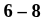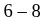 <table style="text-align:center">
 <tr>
 <th width=200></th>
 <th width=100></th>
 <th width=200></th>
 </tr>
 <tr>
 <td align=right></td>
-<td><strong>6 – 8</strong></td>
+<td>6 – 8</td>
 <td align=left><strong></strong></td>
 </tr>
 </table>
